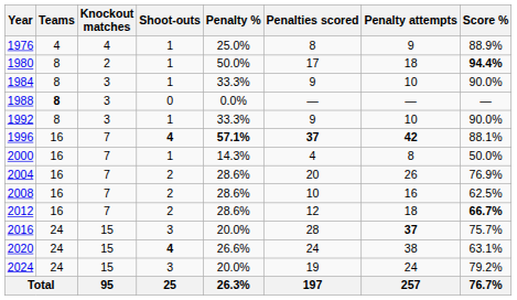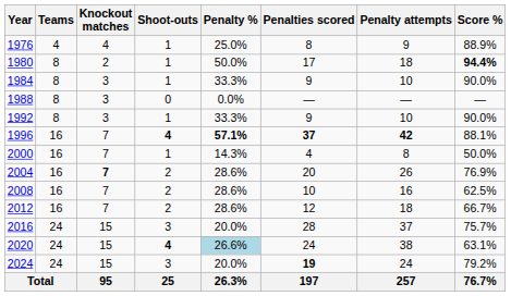 <table class="wikitable sortable" style="text-align: center;">
 <tr>
 <th>Year</th>
 <th>Teams</th>
 <th>Knockout<br>matches</th>
 <th>Shoot-outs</th>
 <th>Penalty %</th>
 <th>Penalties scored</th>
 <th>Penalty attempts</th>
 <th>Score %</th>
 </tr>
 <tr>
 <td><a href='#'>1976</a></td>
 <td>4</td>
 <td>4</td>
 <td>1</td>
 <td>25.0%</td>
 <td>8</td>
 <td>9</td>
 <td>88.9%</td>
 </tr>
 <tr>
 <td><a href='#'>1980</a></td>
 <td>8</td>
 <td>2</td>
 <td>1</td>
 <td>50.0%</td>
 <td>17</td>
 <td>18</td>
 <td><strong>94.4%</strong></td>
 </tr>
 <tr>
 <td><a href='#'>1984</a></td>
 <td>8</td>
 <td>3</td>
 <td>1</td>
 <td>33.3%</td>
 <td>9</td>
 <td>10</td>
 <td>90.0%</td>
 </tr>
 <tr>
 <td><a href='#'>1988</a></td>
-<td><strong>8</strong></td>
+<td>8</td>
 <td>3</td>
 <td>0</td>
 <td>0.0%</td>
 <td>—</td>
 <td>—</td>
 <td>—</td>
 </tr>
 <tr>
 <td><a href='#'>1992</a></td>
 <td>8</td>
 <td>3</td>
 <td>1</td>
 <td>33.3%</td>
 <td>9</td>
 <td>10</td>
 <td>90.0%</td>
 </tr>
 <tr>
 <td><a href='#'>1996</a></td>
 <td>16</td>
 <td>7</td>
 <td><strong>4</strong></td>
 <td><strong>57.1%</strong></td>
 <td><strong>37</strong></td>
 <td><strong>42</strong></td>
 <td>88.1%</td>
 </tr>
 <tr>
 <td><a href='#'>2000</a></td>
 <td>16</td>
 <td>7</td>
 <td>1</td>
 <td>14.3%</td>
 <td>4</td>
 <td>8</td>
 <td>50.0%</td>
 </tr>
 <tr>
 <td><a href='#'>2004</a></td>
 <td>16</td>
-<td>7</td>
+<td><strong>7</strong></td>
 <td>2</td>
 <td>28.6%</td>
 <td>20</td>
 <td>26</td>
 <td>76.9%</td>
 </tr>
 <tr>
 <td><a href='#'>2008</a></td>
 <td>16</td>
 <td>7</td>
 <td>2</td>
 <td>28.6%</td>
 <td>10</td>
 <td>16</td>
 <td>62.5%</td>
 </tr>
 <tr>
 <td><a href='#'>2012</a></td>
 <td>16</td>
 <td>7</td>
 <td>2</td>
 <td>28.6%</td>
 <td>12</td>
 <td>18</td>
-<td><strong>66.7%</strong></td>
+<td>66.7%</td>
 </tr>
 <tr>
 <td><a href='#'>2016</a></td>
 <td>24</td>
 <td>15</td>
 <td>3</td>
 <td>20.0%</td>
 <td>28</td>
-<td><strong>37</strong></td>
+<td>37</td>
 <td>75.7%</td>
 </tr>
 <tr>
 <td><a href='#'>2020</a></td>
 <td>24</td>
 <td>15</td>
 <td><strong>4</strong></td>
-<td>26.6%</td>
+<td style="background: lightblue;">26.6%</td>
 <td>24</td>
 <td>38</td>
 <td>63.1%</td>
 </tr>
 <tr>
 <td><a href='#'>2024</a></td>
 <td>24</td>
 <td>15</td>
 <td>3</td>
 <td>20.0%</td>
-<td>19</td>
+<td><strong>19</strong></td>
 <td>24</td>
 <td>79.2%</td>
 </tr>
 <tr>
 <th colspan=2>Total</th>
 <th>95</th>
 <th>25</th>
 <th>26.3%</th>
 <th>197</th>
 <th>257</th>
 <th>76.7%</th>
 </tr>
 </table>
